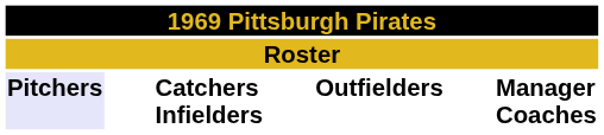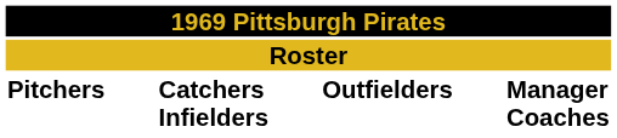 <table class="toccolours" style="font-size: 95%;">
 <tr>
 <th colspan="10" style="background-color: black; color: #e1b81e; text-align: center;">1969 Pittsburgh Pirates</th>
 </tr>
 <tr>
 <td colspan="10" style="background-color: #e1b81e; color: black; text-align: center;"><strong>Roster</strong></td>
 </tr>
 <tr>
-<td valign="top" style="background: lavender;"><strong>Pitchers</strong><br>               </td>
+<td valign="top"><strong>Pitchers</strong><br>               </td>
 <td width="25px"></td>
 <td valign="top"><strong>Catchers</strong><br>   <strong>Infielders</strong>         </td>
 <td width="25px"></td>
 <td valign="top"><strong>Outfielders</strong><br>      </td>
 <td width="25px"></td>
 <td valign="top"><strong>Manager</strong><br>  <strong>Coaches</strong>    </td>
 </tr>
 </table>
